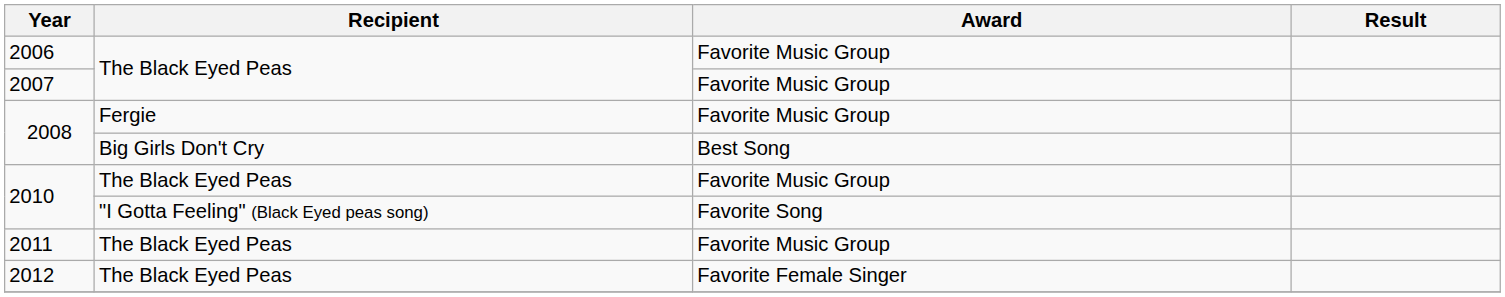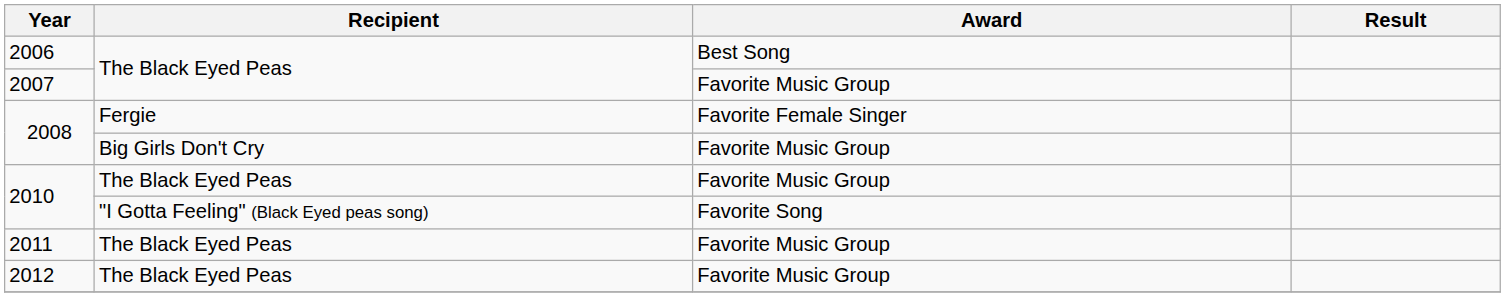 <table style="width: 75%;" class="wikitable">
 <tr>
 <th style="width:6%;">Year</th>
 <th style="width:40%;">Recipient</th>
 <th style="width:40%;">Award</th>
 <th style="width:14%;">Result</th>
 </tr>
 <tr>
 <td>2006</td>
 <td rowspan=2>The Black Eyed Peas</td>
-<td>Favorite Music Group</td>
+<td>Best Song</td>
 <td></td>
 </tr>
 <tr>
 <td>2007</td>
 <td>Favorite Music Group</td>
 <td></td>
 </tr>
 <tr>
 <td rowspan=2 style=text-align:center;>2008</td>
 <td style=text-align:left>Fergie</td>
-<td>Favorite Music Group</td>
+<td>Favorite Female Singer</td>
 <td></td>
 </tr>
 <tr>
 <td rowspan="1" style="text-align:left;">Big Girls Don't Cry</td>
-<td>Best Song</td>
+<td>Favorite Music Group</td>
 <td></td>
 </tr>
 <tr>
 <td rowspan=2>2010</td>
 <td>The Black Eyed Peas</td>
 <td>Favorite Music Group</td>
 <td></td>
 </tr>
 <tr>
 <td>"I Gotta Feeling" <small>(Black Eyed peas song)</small></td>
 <td>Favorite Song</td>
 <td></td>
 </tr>
 <tr>
 <td>2011</td>
 <td>The Black Eyed Peas</td>
 <td>Favorite Music Group</td>
 <td></td>
 </tr>
 <tr>
 <td>2012</td>
 <td>The Black Eyed Peas</td>
-<td>Favorite Female Singer</td>
+<td>Favorite Music Group</td>
 <td></td>
 </tr>
 <tr>
 </tr>
 </table>
